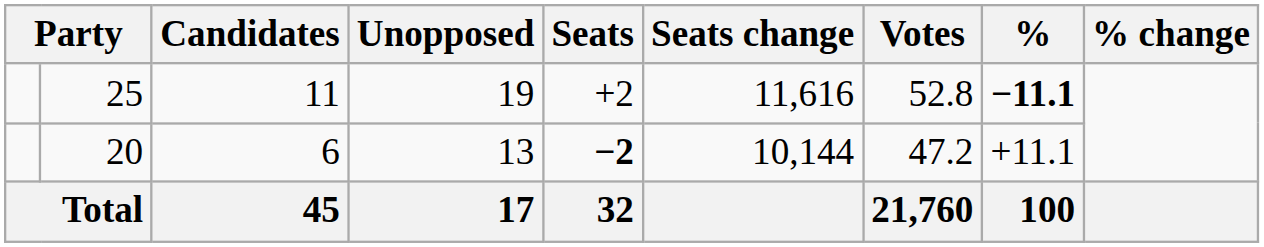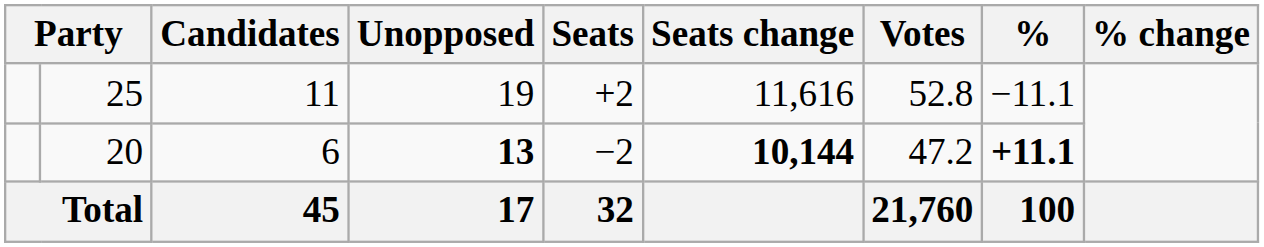 <table class="wikitable sortable">
 <tr>
 <th colspan=2>Party</th>
 <th>Candidates</th>
 <th>Unopposed</th>
 <th>Seats</th>
 <th>Seats change</th>
 <th>Votes</th>
 <th>%</th>
 <th>% change</th>
 </tr>
 <tr>
 <td></td>
 <td align=right>25</td>
 <td align=right>11</td>
 <td align=right>19</td>
 <td align=right>+2</td>
 <td align=right>11,616</td>
 <td align=right>52.8</td>
-<td align=right><strong>−11.1</strong></td>
+<td align=right>−11.1</td>
 </tr>
 <tr>
 <td></td>
 <td align=right>20</td>
 <td align=right>6</td>
-<td align=right>13</td>
-<td align=right><strong>−2</strong></td>
-<td align=right>10,144</td>
+<td align=right><strong>13</strong></td>
+<td align=right>−2</td>
+<td align=right><strong>10,144</strong></td>
 <td align=right>47.2</td>
-<td align=right>+11.1</td>
+<td align=right><strong>+11.1</strong></td>
 </tr>
 <tr class="sortbottom" style="font-weight: bold; text-align: right; background: #f2f2f2;">
 <th colspan="2" style="padding-left: 1.5em; text-align: left;">Total</th>
 <td align=right>45</td>
 <td align=right>17</td>
 <td align=right>32</td>
 <td align=right></td>
 <td align=right>21,760</td>
 <td align=right>100</td>
 <td align=right></td>
 </tr>
 </table>
